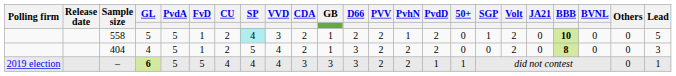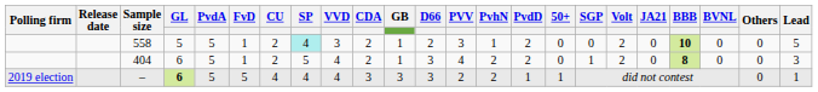 <table class="wikitable sortable tpl-blanktable" style="text-align:center;font-size:90%;line-height:14px;">
 <tr>
 <th rowspan="2">Polling firm</th>
 <th rowspan="2">Release<br>date</th>
 <th rowspan="2">Sample<br>size</th>
 <th class="unsortable" style="width:30px;"><a href='#'>GL</a></th>
 <th class="unsortable" style="width:30px;"><a href='#'>PvdA</a></th>
 <th class="unsortable" style="width:30px;"><a href='#'>FvD</a></th>
 <th class="unsortable" style="width:30px;"><a href='#'>CU</a></th>
 <th class="unsortable" style="width:30px;"><a href='#'>SP</a></th>
 <th class="unsortable" style="width:30px;"><a href='#'>VVD</a></th>
 <th class="unsortable" style="width:30px;"><a href='#'>CDA</a></th>
 <th class="unsortable" style="width:30px;">GB </th>
 <th class="unsortable" style="width:30px;"><a href='#'>D66</a></th>
 <th class="unsortable" style="width:30px;"><a href='#'>PVV</a></th>
 <th class="unsortable" style="width:30px;"><a href='#'>PvhN</a></th>
 <th class="unsortable" style="width:30px;"><a href='#'>PvdD</a></th>
 <th class="unsortable" style="width:30px;"><a href='#'>50+</a></th>
 <th class="unsortable" style="width:30px;"><a href='#'>SGP</a></th>
 <th class="unsortable" style="width:30px;"><a href='#'>Volt</a></th>
 <th class="unsortable" style="width:30px;"><a href='#'>JA21</a></th>
 <th class="unsortable" style="width:30px;"><a href='#'>BBB</a></th>
 <th class="unsortable" style="width:30px;"><a href='#'>BVNL</a></th>
 <th class="unsortable" style="width:30px;" rowspan="2">Others</th>
 <th rowspan="2">Lead</th>
 </tr>
 <tr>
 <th data-sort-type="number" style="background:"></th>
 <th data-sort-type="number" style="background:"></th>
 <th data-sort-type="number" style="background:"></th>
 <th data-sort-type="number" style="background:"></th>
 <th data-sort-type="number" style="background:"></th>
 <th data-sort-type="number" style="background:"></th>
 <th data-sort-type="number" style="background:"></th>
 <th data-sort-type="number" style="background:#69a841;"></th>
 <th data-sort-type="number" style="background:"></th>
 <th data-sort-type="number" style="background:"></th>
 <th data-sort-type="number" style="background:"></th>
 <th data-sort-type="number" style="background:"></th>
 <th data-sort-type="number" style="background:"></th>
 <th data-sort-type="number" style="background:"></th>
 <th data-sort-type="number" style="background:"></th>
 <th data-sort-type="number" style="background:"></th>
 <th data-sort-type="number" style="background:"></th>
 <th data-sort-type="number" style="background:"></th>
 </tr>
 <tr>
 <td></td>
 <td></td>
 <td>558</td>
 <td>5</td>
 <td>5</td>
 <td>1</td>
 <td>2</td>
 <td style="background: paleturquoise;">4</td>
 <td>3</td>
 <td>2</td>
 <td>1</td>
 <td>2</td>
-<td>2</td>
+<td>3</td>
 <td>1</td>
 <td>2</td>
 <td>0</td>
-<td>1</td>
+<td>0</td>
 <td>2</td>
 <td>0</td>
 <td style="background:#d3ea9e;"><strong>10</strong></td>
 <td>0</td>
 <td>0</td>
 <td style="background:">5</td>
 </tr>
 <tr>
 <td></td>
 <td></td>
 <td>404</td>
-<td>4</td>
+<td>6</td>
 <td>5</td>
 <td>1</td>
 <td>2</td>
 <td>5</td>
 <td>4</td>
 <td>2</td>
 <td>1</td>
 <td>3</td>
-<td>2</td>
+<td>4</td>
 <td>2</td>
 <td>2</td>
 <td>0</td>
-<td>0</td>
+<td>1</td>
 <td>2</td>
 <td>0</td>
 <td style="background:#d3ea9e;"><strong>8</strong></td>
 <td>0</td>
 <td>0</td>
 <td style="background:">3</td>
 </tr>
 <tr style="background:#E9E9E9;">
 <td><a href='#'>2019 election</a></td>
 <td></td>
 <td>–</td>
 <td style="background:#d3ea9e;"><strong>6</strong></td>
 <td>5</td>
 <td>5</td>
 <td>4</td>
 <td>4</td>
 <td>4</td>
 <td>3</td>
 <td>3</td>
 <td>3</td>
 <td>2</td>
 <td>2</td>
 <td>1</td>
 <td>1</td>
 <td colspan=5><em>did not contest</em></td>
 <td>0</td>
 <td style="background:">1</td>
 </tr>
 </table>
